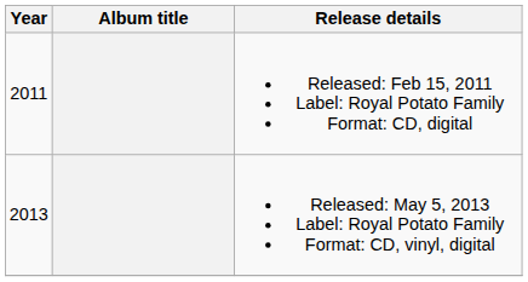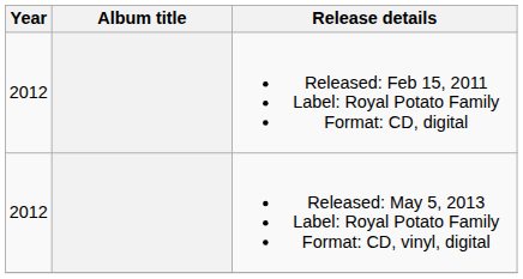 <table class="wikitable plainrowheaders" style="text-align:center;">
 <tr>
 <th>Year</th>
 <th scope="col" rowspan="1" style="width:10em;">Album title</th>
 <th scope="col" rowspan="1" style="width:16em;">Release details</th>
 </tr>
 <tr>
-<td>2011</td>
+<td>2012</td>
 <th></th>
 <td><br><ul><li>Released: Feb 15, 2011</li><li>Label: Royal Potato Family</li><li>Format: CD, digital</li></ul></td>
 </tr>
 <tr>
-<td>2013</td>
+<td>2012</td>
 <th></th>
 <td><br><ul><li>Released: May 5, 2013</li><li>Label: Royal Potato Family</li><li>Format: CD, vinyl, digital</li></ul></td>
 </tr>
 <tr>
 </tr>
 </table>
